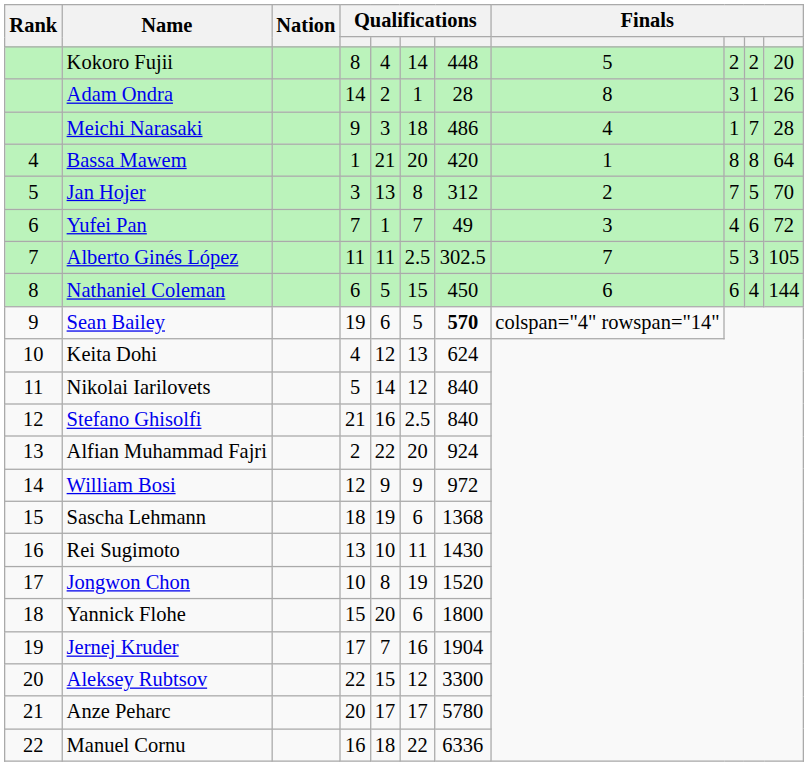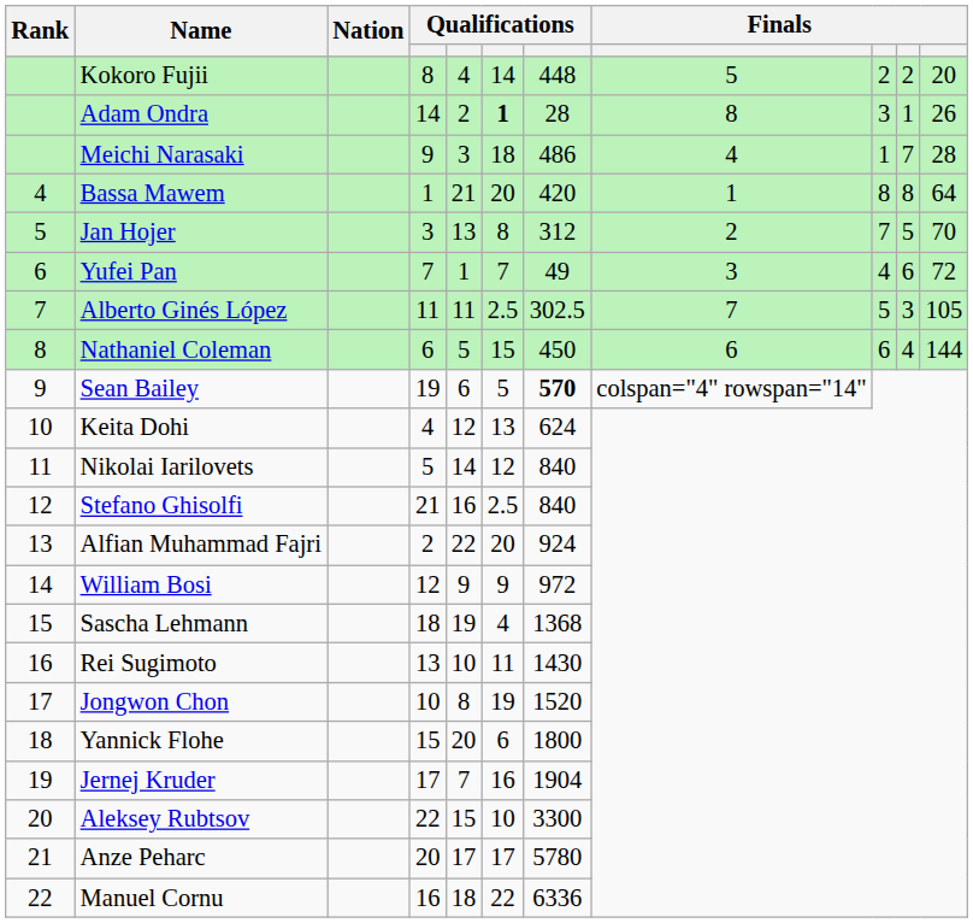 <table class="wikitable sortable" style="text-align:center">
 <tr>
 <th rowspan="2">Rank</th>
 <th rowspan="2">Name</th>
 <th rowspan="2">Nation</th>
 <th colspan="4">Qualifications</th>
 <th colspan="4">Finals</th>
 </tr>
 <tr>
 <th></th>
 <th></th>
 <th></th>
 <th></th>
 <th></th>
 <th></th>
 <th></th>
 <th></th>
 </tr>
 <tr bgcolor="bbf3bb">
 <td></td>
 <td align="left">Kokoro Fujii</td>
 <td align="left"></td>
 <td>8</td>
 <td>4</td>
 <td>14</td>
 <td>448</td>
 <td>5</td>
 <td>2</td>
 <td>2</td>
 <td>20</td>
 </tr>
 <tr bgcolor="bbf3bb">
 <td></td>
 <td align="left"><a href='#'>Adam Ondra</a></td>
 <td align="left"></td>
 <td>14</td>
 <td>2</td>
-<td>1</td>
+<td><strong>1</strong></td>
 <td>28</td>
 <td>8</td>
 <td>3</td>
 <td>1</td>
 <td>26</td>
 </tr>
 <tr bgcolor="bbf3bb">
 <td></td>
 <td align="left"><a href='#'>Meichi Narasaki</a></td>
 <td align="left"></td>
 <td>9</td>
 <td>3</td>
 <td>18</td>
 <td>486</td>
 <td>4</td>
 <td>1</td>
 <td>7</td>
 <td>28</td>
 </tr>
 <tr bgcolor="bbf3bb">
 <td>4</td>
 <td align="left"><a href='#'>Bassa Mawem</a></td>
 <td align="left"></td>
 <td>1</td>
 <td>21</td>
 <td>20</td>
 <td>420</td>
 <td>1</td>
 <td>8</td>
 <td>8</td>
 <td>64</td>
 </tr>
 <tr bgcolor="bbf3bb">
 <td>5</td>
 <td align="left"><a href='#'>Jan Hojer</a></td>
 <td align="left"></td>
 <td>3</td>
 <td>13</td>
 <td>8</td>
 <td>312</td>
 <td>2</td>
 <td>7</td>
 <td>5</td>
 <td>70</td>
 </tr>
 <tr bgcolor="bbf3bb">
 <td>6</td>
 <td align="left"><a href='#'>Yufei Pan</a></td>
 <td align="left"></td>
 <td>7</td>
 <td>1</td>
 <td>7</td>
 <td>49</td>
 <td>3</td>
 <td>4</td>
 <td>6</td>
 <td>72</td>
 </tr>
 <tr bgcolor="bbf3bb">
 <td>7</td>
 <td align="left"><a href='#'>Alberto Ginés López</a></td>
 <td align="left"></td>
 <td>11</td>
 <td>11</td>
 <td>2.5</td>
 <td>302.5</td>
 <td>7</td>
 <td>5</td>
 <td>3</td>
 <td>105</td>
 </tr>
 <tr bgcolor="bbf3bb">
 <td>8</td>
 <td align="left"><a href='#'>Nathaniel Coleman</a></td>
 <td align="left"></td>
 <td>6</td>
 <td>5</td>
 <td>15</td>
 <td>450</td>
 <td>6</td>
 <td>6</td>
 <td>4</td>
 <td>144</td>
 </tr>
 <tr>
 <td>9</td>
 <td align="left"><a href='#'>Sean Bailey</a></td>
 <td align="left"></td>
 <td>19</td>
 <td>6</td>
 <td>5</td>
 <td><strong>570</strong></td>
 <td>colspan="4" rowspan="14" </td>
 </tr>
 <tr>
 <td>10</td>
 <td align="left">Keita Dohi</td>
 <td align="left"></td>
 <td>4</td>
 <td>12</td>
 <td>13</td>
 <td>624</td>
 </tr>
 <tr>
 <td>11</td>
 <td align="left">Nikolai Iarilovets</td>
 <td align="left"></td>
 <td>5</td>
 <td>14</td>
 <td>12</td>
 <td>840</td>
 </tr>
 <tr>
 <td>12</td>
 <td align="left"><a href='#'>Stefano Ghisolfi</a></td>
 <td align="left"></td>
 <td>21</td>
 <td>16</td>
 <td>2.5</td>
 <td>840</td>
 </tr>
 <tr>
 <td>13</td>
 <td align="left">Alfian Muhammad Fajri</td>
 <td align="left"></td>
 <td>2</td>
 <td>22</td>
 <td>20</td>
 <td>924</td>
 </tr>
 <tr>
 <td>14</td>
 <td align="left"><a href='#'>William Bosi</a></td>
 <td align="left"></td>
 <td>12</td>
 <td>9</td>
 <td>9</td>
 <td>972</td>
 </tr>
 <tr>
 <td>15</td>
 <td align="left">Sascha Lehmann</td>
 <td align="left"></td>
 <td>18</td>
 <td>19</td>
-<td>6</td>
+<td>4</td>
 <td>1368</td>
 </tr>
 <tr>
 <td>16</td>
 <td align="left">Rei Sugimoto</td>
 <td align="left"></td>
 <td>13</td>
 <td>10</td>
 <td>11</td>
 <td>1430</td>
 </tr>
 <tr>
 <td>17</td>
 <td align="left"><a href='#'>Jongwon Chon</a></td>
 <td align="left"></td>
 <td>10</td>
 <td>8</td>
 <td>19</td>
 <td>1520</td>
 </tr>
 <tr>
 <td>18</td>
 <td align="left">Yannick Flohe</td>
 <td align="left"></td>
 <td>15</td>
 <td>20</td>
 <td>6</td>
 <td>1800</td>
 </tr>
 <tr>
 <td>19</td>
 <td align="left"><a href='#'>Jernej Kruder</a></td>
 <td align="left"></td>
 <td>17</td>
 <td>7</td>
 <td>16</td>
 <td>1904</td>
 </tr>
 <tr>
 <td>20</td>
 <td align="left"><a href='#'>Aleksey Rubtsov</a></td>
 <td align="left"></td>
 <td>22</td>
 <td>15</td>
-<td>12</td>
+<td>10</td>
 <td>3300</td>
 </tr>
 <tr>
 <td>21</td>
 <td align="left">Anze Peharc</td>
 <td align="left"></td>
 <td>20</td>
 <td>17</td>
 <td>17</td>
 <td>5780</td>
 </tr>
 <tr>
 <td>22</td>
 <td align="left">Manuel Cornu</td>
 <td align="left"></td>
 <td>16</td>
 <td>18</td>
 <td>22</td>
 <td>6336</td>
 </tr>
 </table>
